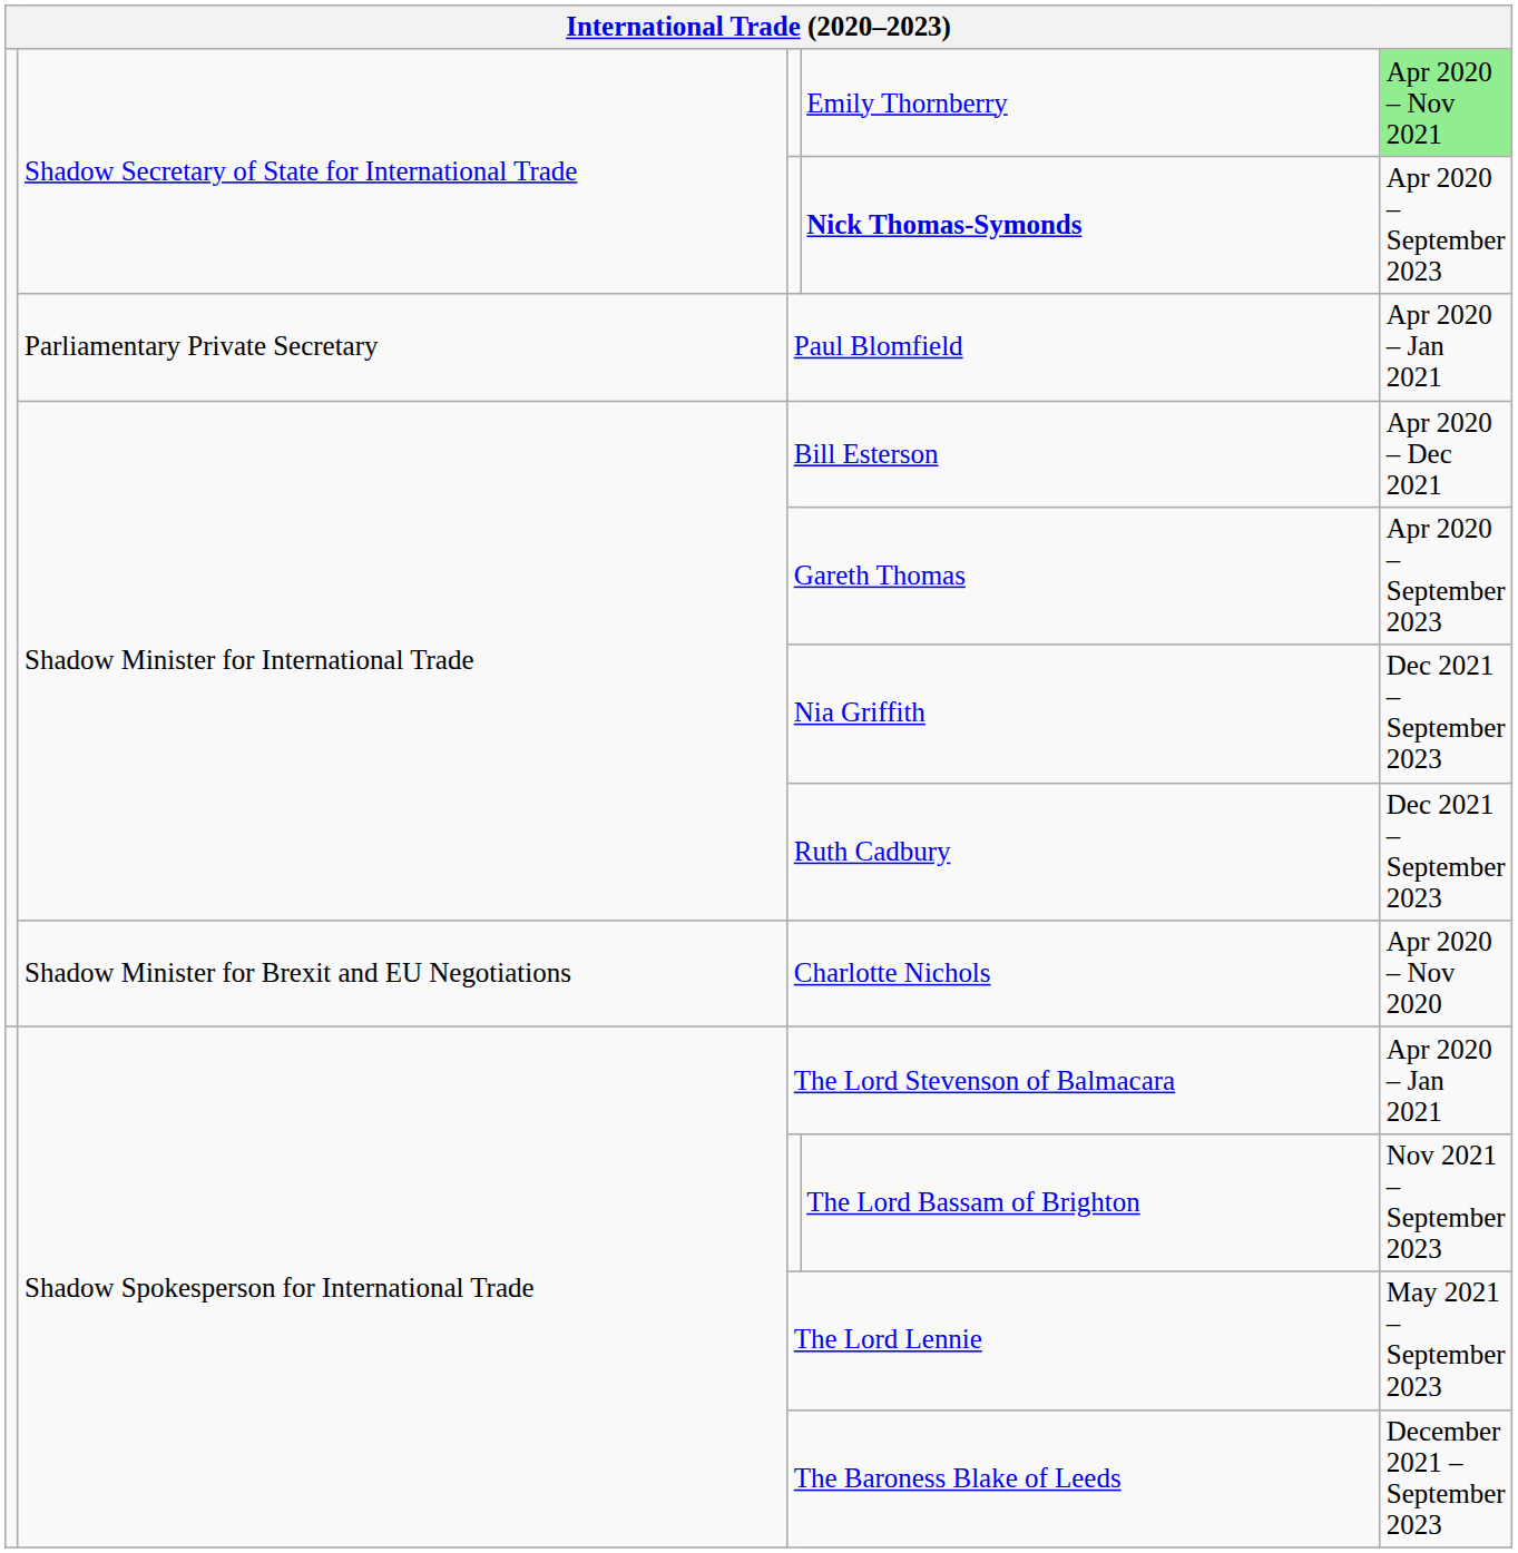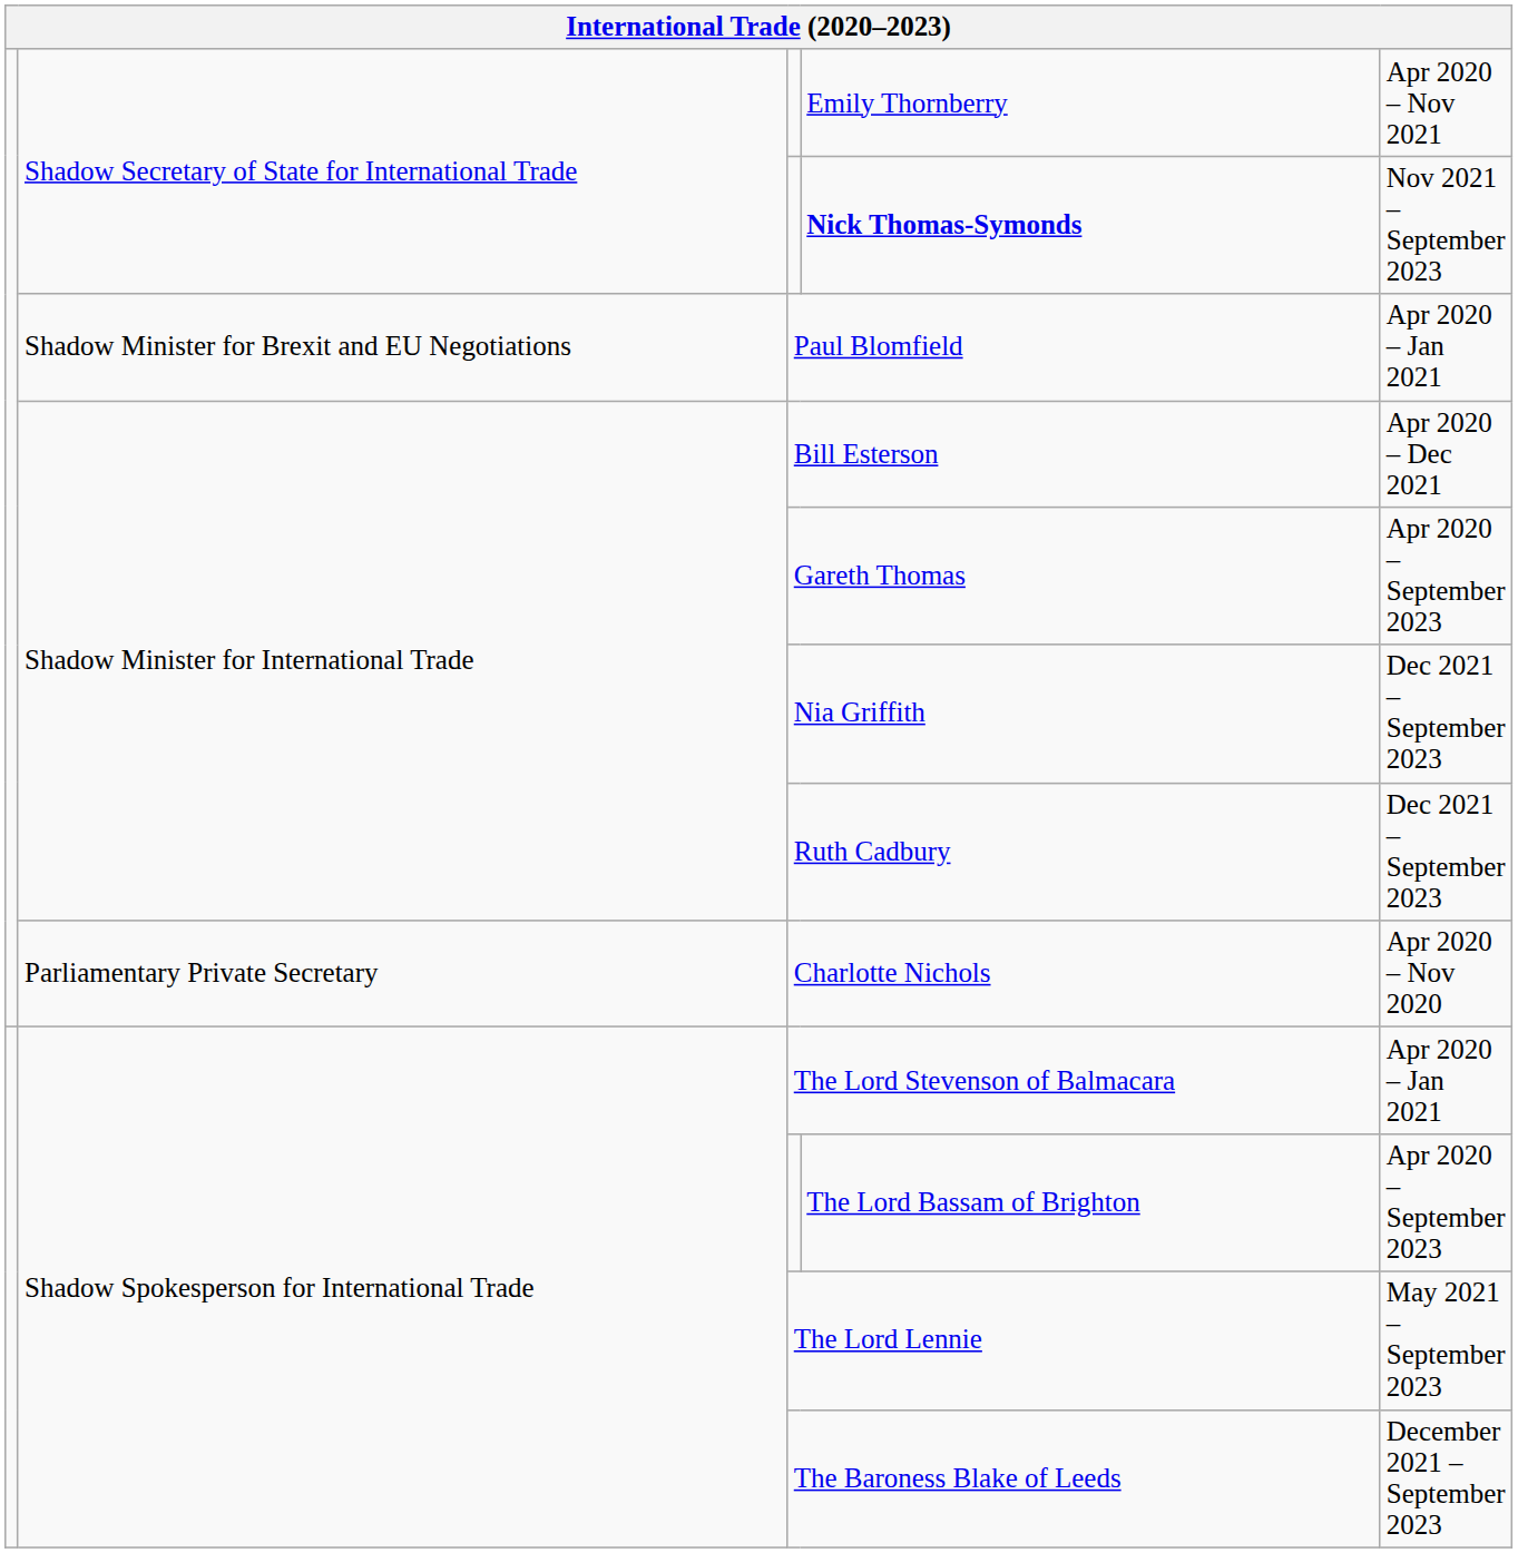 <table class="wikitable">
 <tr>
 <th colspan="5"><a href='#'>International Trade</a> (2020–2023)</th>
 </tr>
 <tr>
 <td rowspan="8" style="background: "></td>
 <td rowspan="2" style="width: 450px;"><a href='#'>Shadow Secretary of State for International Trade</a></td>
 <td style="background: "></td>
 <td style="width: 337px;"><a href='#'>Emily Thornberry</a></td>
-<td style="background: lightgreen;">Apr 2020 – Nov 2021</td>
+<td>Apr 2020 – Nov 2021</td>
 </tr>
 <tr>
 <td style="background: "></td>
 <td><strong><a href='#'>Nick Thomas-Symonds</a></strong></td>
-<td>Apr 2020 – September 2023</td>
+<td>Nov 2021 – September 2023</td>
 </tr>
 <tr>
-<td>Parliamentary Private Secretary</td>
+<td>Shadow Minister for Brexit and EU Negotiations</td>
 <td colspan="2"><a href='#'>Paul Blomfield</a></td>
 <td>Apr 2020 – Jan 2021</td>
 </tr>
 <tr>
 <td rowspan="4">Shadow Minister for International Trade</td>
 <td colspan="2"><a href='#'>Bill Esterson</a></td>
 <td>Apr 2020 – Dec 2021</td>
 </tr>
 <tr>
 <td colspan="2"><a href='#'>Gareth Thomas</a></td>
 <td>Apr 2020 – September 2023</td>
 </tr>
 <tr>
 <td colspan="2"><a href='#'>Nia Griffith</a></td>
 <td>Dec 2021 – September 2023</td>
 </tr>
 <tr>
 <td colspan="2"><a href='#'>Ruth Cadbury</a></td>
 <td>Dec 2021 – September 2023</td>
 </tr>
 <tr>
-<td>Shadow Minister for Brexit and EU Negotiations</td>
+<td>Parliamentary Private Secretary</td>
 <td colspan="2"><a href='#'>Charlotte Nichols</a></td>
 <td>Apr 2020 – Nov 2020</td>
 </tr>
 <tr>
 <td rowspan="4" style="background: "></td>
 <td rowspan="4">Shadow Spokesperson for International Trade</td>
 <td colspan="2"><a href='#'>The Lord Stevenson of Balmacara</a></td>
 <td>Apr 2020 – Jan 2021</td>
 </tr>
 <tr>
 <td style="background: "></td>
 <td><a href='#'>The Lord Bassam of Brighton</a></td>
-<td>Nov 2021 – September 2023</td>
+<td>Apr 2020 – September 2023</td>
 </tr>
 <tr>
 <td colspan="2"><a href='#'>The Lord Lennie</a></td>
 <td>May 2021 – September 2023</td>
 </tr>
 <tr>
 <td colspan="2"><a href='#'>The Baroness Blake of Leeds</a></td>
 <td>December 2021 – September 2023</td>
 </tr>
 </table>
